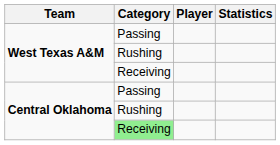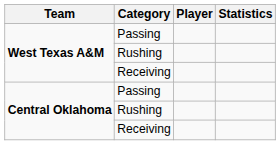 <table class="wikitable" style="float: right;">
 <tr>
 <th>Team</th>
 <th>Category</th>
 <th>Player</th>
 <th>Statistics</th>
 </tr>
 <tr>
 <td rowspan=3><strong>West Texas A&M</strong></td>
 <td>Passing</td>
 <td></td>
 <td></td>
 </tr>
 <tr>
 <td>Rushing</td>
 <td></td>
 <td></td>
 </tr>
 <tr>
 <td>Receiving</td>
 <td></td>
 <td></td>
 </tr>
 <tr>
 <td rowspan=3><strong>Central Oklahoma</strong></td>
 <td>Passing</td>
 <td></td>
 <td></td>
 </tr>
 <tr>
 <td>Rushing</td>
 <td></td>
 <td></td>
 </tr>
 <tr>
-<td style="background: lightgreen;">Receiving</td>
+<td>Receiving</td>
 <td></td>
 <td></td>
 </tr>
 </table>
